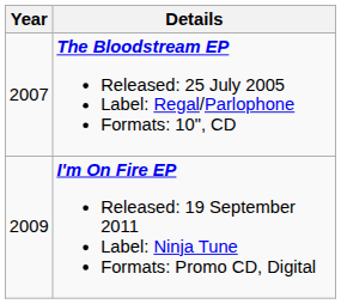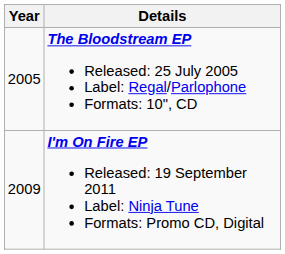 <table class="wikitable">
 <tr>
 <th>Year</th>
 <th style="width:250px;">Details</th>
 </tr>
 <tr>
-<td>2007</td>
+<td>2005</td>
 <td><strong><em><a href='#'>The Bloodstream EP</a></em></strong><br><ul><li>Released: 25 July 2005</li><li>Label: <a href='#'>Regal</a>/<a href='#'>Parlophone</a></li><li>Formats: 10", CD</li></ul></td>
 </tr>
 <tr>
 <td>2009</td>
 <td><strong><em><a href='#'>I'm On Fire EP</a></em></strong><br><ul><li>Released: 19 September 2011</li><li>Label: <a href='#'>Ninja Tune</a></li><li>Formats: Promo CD, Digital</li></ul></td>
 </tr>
 </table>
